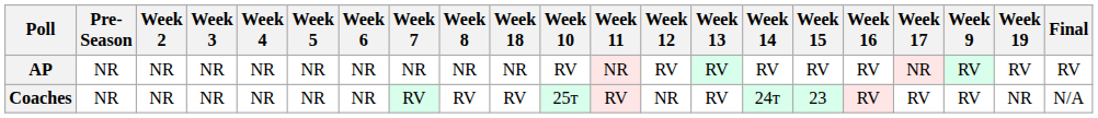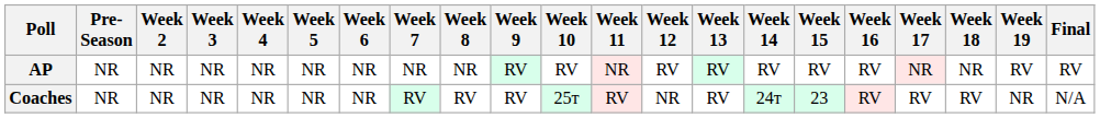 <table class="wikitable" style="white-space:nowrap;font-size:90%">
 <tr>
 <th>Poll</th>
 <th>Pre-<br>Season</th>
 <th>Week<br>2</th>
 <th>Week<br>3</th>
 <th>Week<br>4</th>
 <th>Week<br>5</th>
 <th>Week<br>6</th>
 <th>Week<br>7</th>
 <th>Week<br>8</th>
-<th>Week<br>18</th>
+<th>Week<br>9</th>
 <th>Week<br>10</th>
 <th>Week<br>11</th>
 <th>Week<br>12</th>
 <th>Week<br>13</th>
 <th>Week<br>14</th>
 <th>Week<br>15</th>
 <th>Week<br>16</th>
 <th>Week<br>17</th>
-<th>Week<br>9</th>
+<th>Week<br>18</th>
 <th>Week<br>19</th>
 <th>Final</th>
 </tr>
 <tr style="text-align:center;">
 <th>AP</th>
 <td style="background:#FFFFFF;">NR</td>
 <td style="background:#FFFFFF;">NR</td>
 <td style="background:#FFFFFF;">NR</td>
 <td style="background:#FFFFFF;">NR</td>
 <td style="background:#FFFFFF;">NR</td>
 <td style="background:#FFFFFF;">NR</td>
 <td style="background:#FFFFFF;">NR</td>
 <td style="background:#FFFFFF;">NR</td>
-<td style="background:#FFFFFF;">NR</td>
+<td style="background:#D8FFEB;">RV</td>
 <td style="background:#FFFFFF;">RV</td>
 <td style="background:#FFE6E6;">NR</td>
 <td style="background:#FFFFFF;">RV</td>
 <td style="background:#D8FFEB;">RV</td>
 <td style="background:#FFFFFF;">RV</td>
 <td style="background:#FFFFFF;">RV</td>
 <td style="background:#FFFFFF;">RV</td>
 <td style="background:#FFE6E6;">NR</td>
-<td style="background:#D8FFEB;">RV</td>
+<td style="background:#FFFFFF;">NR</td>
 <td style="background:#FFFFFF;">RV</td>
 <td style="background:#FFFFFF;">RV</td>
 </tr>
 <tr style="text-align:center;">
 <th>Coaches</th>
 <td style="background:#FFFFFF;">NR</td>
 <td style="background:#FFFFFF;">NR</td>
 <td style="background:#FFFFFF;">NR</td>
 <td style="background:#FFFFFF;">NR</td>
 <td style="background:#FFFFFF;">NR</td>
 <td style="background:#FFFFFF;">NR</td>
 <td style="background:#D8FFEB;">RV</td>
 <td style="background:#FFFFFF;">RV</td>
 <td style="background:#FFFFFF;">RV</td>
 <td style="background:#D8FFEB;">25т</td>
 <td style="background:#FFE6E6;">RV</td>
 <td style="background:#FFFFFF;">NR</td>
 <td style="background:#FFFFFF;">RV</td>
 <td style="background:#D8FFEB;">24т</td>
 <td style="background:#D8FFEB;">23</td>
 <td style="background:#FFE6E6;">RV</td>
 <td style="background:#FFFFFF;">RV</td>
 <td style="background:#FFFFFF;">RV</td>
 <td style="background:#FFFFFF;">NR</td>
 <td style="background:#FFFFFF;">N/A</td>
 </tr>
 </table>
